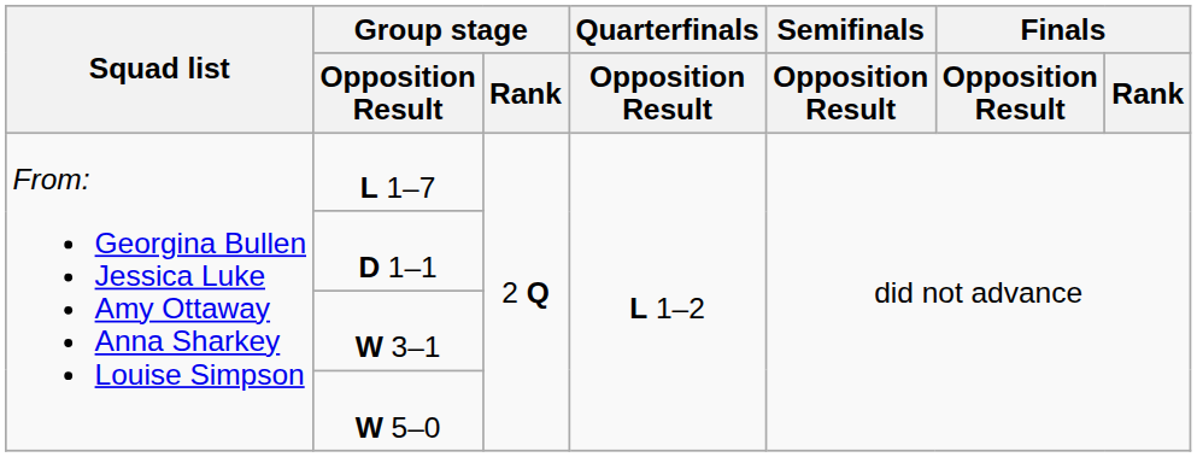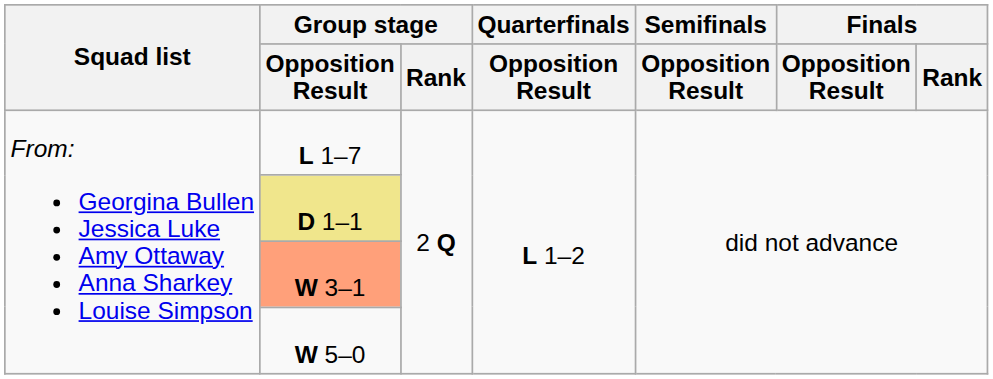 <table class=wikitable style="font-size:90%">
 <tr>
 <th rowspan="2">Squad list</th>
 <th colspan="2">Group stage</th>
 <th>Quarterfinals</th>
 <th>Semifinals</th>
 <th colspan="2">Finals</th>
 </tr>
 <tr>
 <th>Opposition<br>Result</th>
 <th>Rank</th>
 <th>Opposition<br>Result</th>
 <th>Opposition<br>Result</th>
 <th>Opposition<br>Result</th>
 <th>Rank</th>
 </tr>
 <tr>
 <td rowspan="4"><em>From:</em><br><ul><li><a href='#'>Georgina Bullen</a></li><li><a href='#'>Jessica Luke</a></li><li><a href='#'>Amy Ottaway</a></li><li><a href='#'>Anna Sharkey</a></li><li><a href='#'>Louise Simpson</a></li></ul></td>
 <td align="center"><br><strong>L</strong> 1–7</td>
 <td align="center" rowspan="4">2 <strong>Q</strong></td>
 <td align="center" rowspan="4"><br><strong>L</strong> 1–2</td>
 <td align="center" rowspan="4" colspan=3>did not advance</td>
 </tr>
 <tr>
-<td align="center"><br><strong>D</strong> 1–1</td>
+<td align="center" style="background: khaki;"><br><strong>D</strong> 1–1</td>
 </tr>
 <tr>
-<td align="center"><br><strong>W</strong> 3–1</td>
+<td align="center" style="background: lightsalmon;"><br><strong>W</strong> 3–1</td>
 </tr>
 <tr>
 <td align="center"><br><strong>W</strong> 5–0</td>
 </tr>
 </table>
